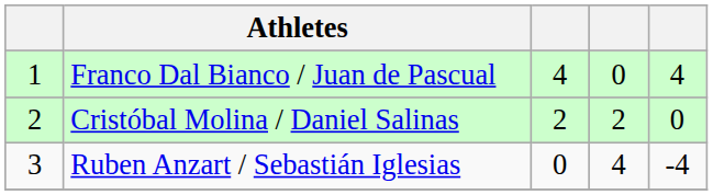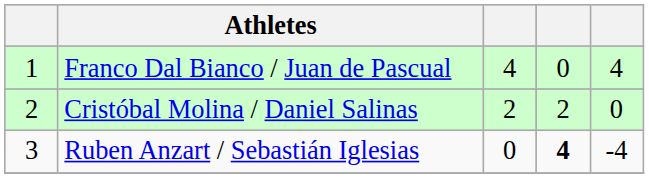 <table class="wikitable" style="text-align: center; font-size:100% ">
 <tr>
 <th width=25></th>
 <th width=250>Athletes</th>
 <th width=25></th>
 <th width=25></th>
 <th width=25></th>
 </tr>
 <tr bgcolor="ccffcc">
 <td>1</td>
 <td align=left> <a href='#'>Franco Dal Bianco</a> / <a href='#'>Juan de Pascual</a></td>
 <td>4</td>
 <td>0</td>
 <td>4</td>
 </tr>
 <tr bgcolor="ccffcc">
 <td>2</td>
 <td align=left> <a href='#'>Cristóbal Molina</a> / <a href='#'>Daniel Salinas</a></td>
 <td>2</td>
 <td>2</td>
 <td>0</td>
 </tr>
 <tr>
 <td>3</td>
 <td align=left> <a href='#'>Ruben Anzart</a> / <a href='#'>Sebastián Iglesias</a></td>
 <td>0</td>
-<td>4</td>
+<td><strong>4</strong></td>
 <td>-4</td>
 </tr>
 <tr>
 </tr>
 </table>
